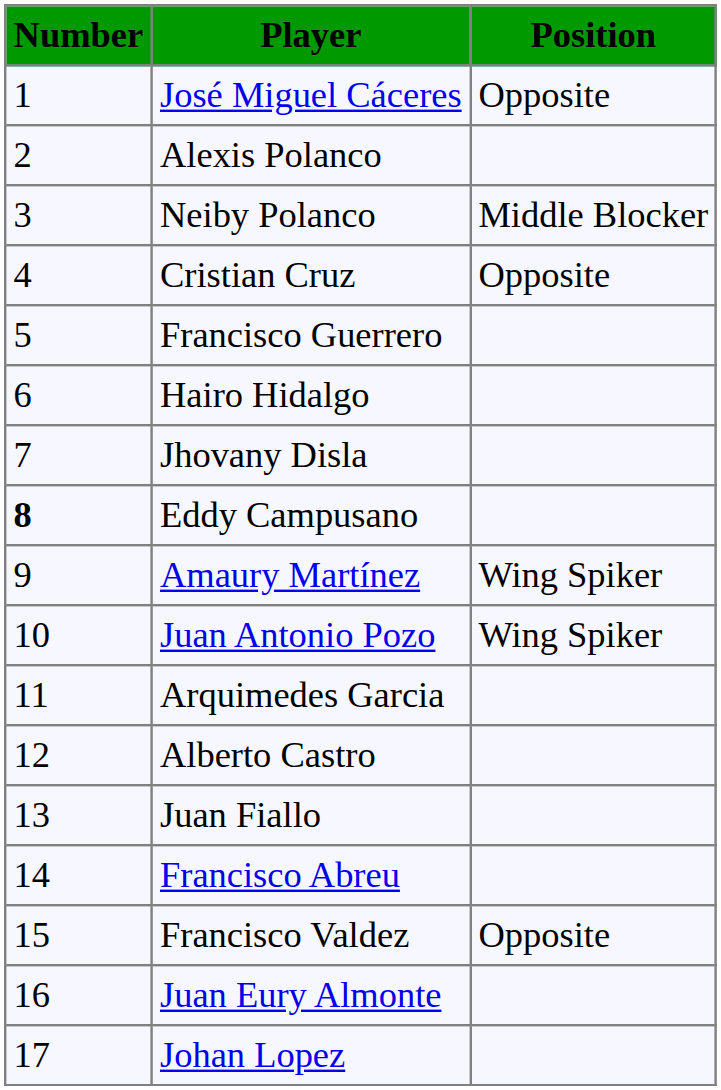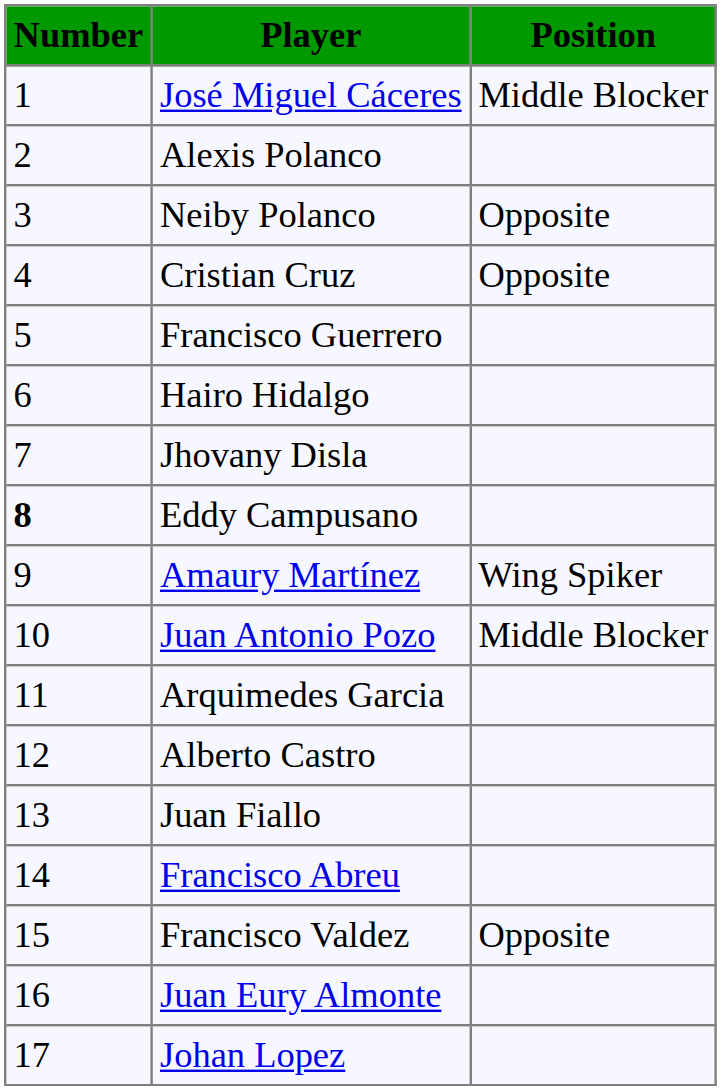 <table bgcolor="#f7f8ff" cellpadding="3" cellspacing="0" border="1" style="font-size: 95%; border: gray solid 1px; border-collapse: collapse;">
 <tr bgcolor="#009900">
 <td align=center><strong>Number</strong></td>
 <td align=center><strong>Player</strong></td>
 <td align=center><strong>Position</strong></td>
 </tr>
 <tr align=left>
 <td>1</td>
 <td> <a href='#'>José Miguel Cáceres</a></td>
-<td>Opposite</td>
+<td>Middle Blocker</td>
 </tr>
 <tr align=left>
 <td>2</td>
 <td> Alexis Polanco</td>
 <td></td>
 </tr>
 <tr align="left">
 <td>3</td>
 <td> Neiby Polanco</td>
-<td>Middle Blocker</td>
+<td>Opposite</td>
 </tr>
 <tr align="left">
 <td>4</td>
 <td> Cristian Cruz</td>
 <td>Opposite</td>
 </tr>
 <tr align="left">
 <td>5</td>
 <td> Francisco Guerrero</td>
 <td></td>
 </tr>
 <tr align="left">
 <td>6</td>
 <td> Hairo Hidalgo</td>
 <td></td>
 </tr>
 <tr align="left">
 <td>7</td>
 <td> Jhovany Disla</td>
 <td></td>
 </tr>
 <tr align="left">
 <td><strong>8</strong></td>
 <td> Eddy Campusano</td>
 <td></td>
 </tr>
 <tr align="left">
 <td>9</td>
 <td> <a href='#'>Amaury Martínez</a></td>
 <td>Wing Spiker</td>
 </tr>
 <tr align="left">
 <td>10</td>
 <td> <a href='#'>Juan Antonio Pozo</a></td>
-<td>Wing Spiker</td>
+<td>Middle Blocker</td>
 </tr>
 <tr align="left">
 <td>11</td>
 <td> Arquimedes Garcia</td>
 <td></td>
 </tr>
 <tr align="left">
 <td>12</td>
 <td> Alberto Castro</td>
 <td></td>
 </tr>
 <tr align="left">
 <td>13</td>
 <td> Juan Fiallo</td>
 <td></td>
 </tr>
 <tr align="left">
 <td>14</td>
 <td> <a href='#'>Francisco Abreu</a></td>
 <td></td>
 </tr>
 <tr align="left">
 <td>15</td>
 <td> Francisco Valdez</td>
 <td>Opposite</td>
 </tr>
 <tr align="left">
 <td>16</td>
 <td> <a href='#'>Juan Eury Almonte</a></td>
 <td></td>
 </tr>
 <tr align="left">
 <td>17</td>
 <td> <a href='#'>Johan Lopez</a></td>
 <td></td>
 </tr>
 <tr align="left">
 </tr>
 </table>
